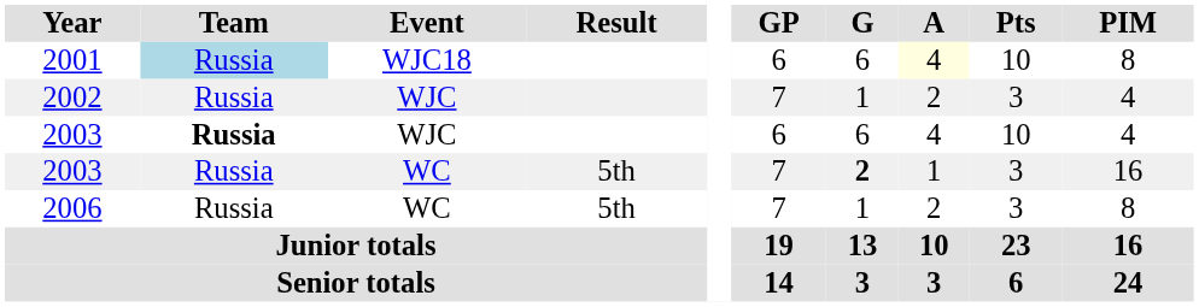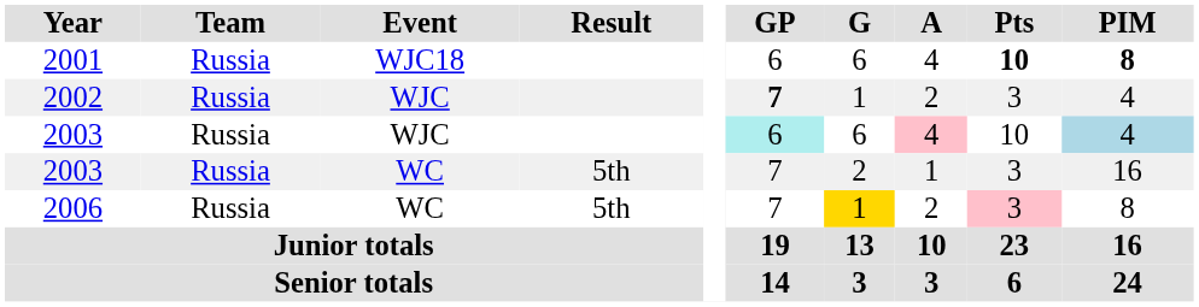 <table border="0" cellpadding="1" cellspacing="0" style="text-align:center; width:40em">
 <tr ALIGN="center" bgcolor="#e0e0e0">
 <th>Year</th>
 <th>Team</th>
 <th>Event</th>
 <th>Result</th>
 <th rowspan="99" bgcolor="#ffffff"> </th>
 <th>GP</th>
 <th>G</th>
 <th>A</th>
 <th>Pts</th>
 <th>PIM</th>
 </tr>
 <tr>
 <td><a href='#'>2001</a></td>
-<td style="background: lightblue;"><a href='#'>Russia</a></td>
+<td><a href='#'>Russia</a></td>
 <td><a href='#'>WJC18</a></td>
 <td></td>
 <td>6</td>
 <td>6</td>
-<td style="background: lightyellow;">4</td>
-<td>10</td>
-<td>8</td>
+<td>4</td>
+<td><strong>10</strong></td>
+<td><strong>8</strong></td>
 </tr>
 <tr bgcolor="#f0f0f0">
 <td><a href='#'>2002</a></td>
 <td><a href='#'>Russia</a></td>
 <td><a href='#'>WJC</a></td>
 <td></td>
-<td>7</td>
+<td><strong>7</strong></td>
 <td>1</td>
 <td>2</td>
 <td>3</td>
 <td>4</td>
 </tr>
 <tr>
 <td><a href='#'>2003</a></td>
-<td><strong>Russia</strong></td>
+<td>Russia</td>
 <td>WJC</td>
 <td></td>
+<td style="background: paleturquoise;">6</td>
 <td>6</td>
-<td>6</td>
-<td>4</td>
+<td style="background: pink;">4</td>
 <td>10</td>
-<td>4</td>
+<td style="background: lightblue;">4</td>
 </tr>
 <tr bgcolor="#f0f0f0">
 <td><a href='#'>2003</a></td>
 <td><a href='#'>Russia</a></td>
 <td><a href='#'>WC</a></td>
 <td>5th</td>
 <td>7</td>
-<td><strong>2</strong></td>
+<td>2</td>
 <td>1</td>
 <td>3</td>
 <td>16</td>
 </tr>
 <tr>
 <td><a href='#'>2006</a></td>
 <td>Russia</td>
 <td>WC</td>
 <td>5th</td>
 <td>7</td>
-<td>1</td>
+<td style="background: gold;">1</td>
 <td>2</td>
-<td>3</td>
+<td style="background: pink;">3</td>
 <td>8</td>
 </tr>
 <tr bgcolor="#e0e0e0">
 <th colspan="4">Junior totals</th>
 <th>19</th>
 <th>13</th>
 <th>10</th>
 <th>23</th>
 <th>16</th>
 </tr>
 <tr bgcolor="#e0e0e0">
 <th colspan=4>Senior totals</th>
 <th>14</th>
 <th>3</th>
 <th>3</th>
 <th>6</th>
 <th>24</th>
 </tr>
 </table>
